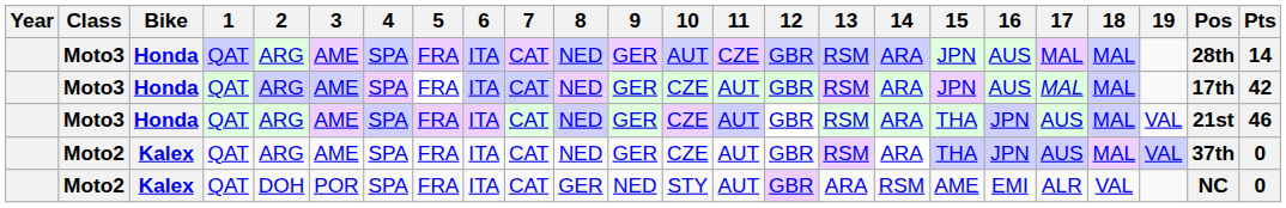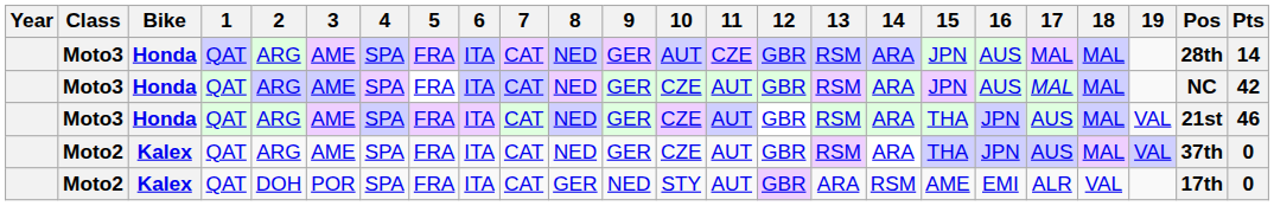 <table class="wikitable" style="text-align:center">
 <tr>
 <th>Year</th>
 <th>Class</th>
 <th>Bike</th>
 <th>1</th>
 <th>2</th>
 <th>3</th>
 <th>4</th>
 <th>5</th>
 <th>6</th>
 <th>7</th>
 <th>8</th>
 <th>9</th>
 <th>10</th>
 <th>11</th>
 <th>12</th>
 <th>13</th>
 <th>14</th>
 <th>15</th>
 <th>16</th>
 <th>17</th>
 <th>18</th>
 <th>19</th>
 <th>Pos</th>
 <th>Pts</th>
 </tr>
 <tr>
 <th></th>
 <th>Moto3</th>
 <th><a href='#'>Honda</a></th>
 <td style="background:#CFCFFF;"><a href='#'>QAT</a><br></td>
 <td style="background:#dfffdf;"><a href='#'>ARG</a><br></td>
 <td style="background:#efcfff;"><a href='#'>AME</a><br></td>
 <td style="background:#CFCFFF;"><a href='#'>SPA</a><br></td>
 <td style="background:#efcfff;"><a href='#'>FRA</a><br></td>
 <td style="background:#CFCFFF;"><a href='#'>ITA</a><br></td>
 <td style="background:#efcfff;"><a href='#'>CAT</a><br></td>
 <td style="background:#CFCFFF;"><a href='#'>NED</a><br></td>
 <td style="background:#EFCFFF;"><a href='#'>GER</a><br></td>
 <td style="background:#CFCFFF;"><a href='#'>AUT</a><br></td>
 <td style="background:#EFCFFF;"><a href='#'>CZE</a><br></td>
 <td style="background:#CFCFFF;"><a href='#'>GBR</a><br></td>
 <td style="background:#CFCFFF;"><a href='#'>RSM</a><br></td>
 <td style="background:#cfcfff;"><a href='#'>ARA</a><br></td>
 <td style="background:#dfffdf;"><a href='#'>JPN</a><br></td>
 <td style="background:#dfffdf;'"><a href='#'>AUS</a><br></td>
 <td style="background:#efcfff;"><a href='#'>MAL</a><br></td>
 <td style="background:#cfcfff;"><a href='#'>MAL</a><br></td>
 <td></td>
 <th>28th</th>
 <th>14</th>
 </tr>
 <tr>
 <th></th>
 <th>Moto3</th>
 <th><a href='#'>Honda</a></th>
 <td style="background:#dfffdf;"><a href='#'>QAT</a><br></td>
 <td style="background:#cfcfff;"><a href='#'>ARG</a><br></td>
 <td style="background:#cfcfff;"><a href='#'>AME</a><br></td>
 <td style="background:#efcfff;"><a href='#'>SPA</a><br></td>
 <td style="background:#ffffff;"><a href='#'>FRA</a><br></td>
 <td style="background:#cfcfff;"><a href='#'>ITA</a><br></td>
 <td style="background:#cfcfff;"><a href='#'>CAT</a><br></td>
 <td style="background:#efcfff;"><a href='#'>NED</a><br></td>
 <td style="background:#dfffdf;"><a href='#'>GER</a><br></td>
 <td style="background:#dfffdf;"><a href='#'>CZE</a><br></td>
 <td style="background:#dfffdf;"><a href='#'>AUT</a><br></td>
 <td style="background:#dfffdf;"><a href='#'>GBR</a><br></td>
 <td style="background:#efcfff;"><a href='#'>RSM</a><br></td>
 <td style="background:#dfffdf;"><a href='#'>ARA</a><br></td>
 <td style="background:#efcfff;"><a href='#'>JPN</a><br></td>
 <td style="background:#dfffdf;"><a href='#'>AUS</a><br></td>
 <td style="background:#dfffdf;"><em><a href='#'>MAL</a></em><br></td>
 <td style="background:#cfcfff;"><a href='#'>MAL</a><br></td>
 <td></td>
-<th>17th</th>
+<th>NC</th>
 <th>42</th>
 </tr>
 <tr>
 <th></th>
 <th>Moto3</th>
 <th><a href='#'>Honda</a></th>
 <td style="background:#dfffdf;"><a href='#'>QAT</a><br></td>
 <td style="background:#dfffdf;"><a href='#'>ARG</a><br></td>
 <td style="background:#efcfff;"><a href='#'>AME</a><br></td>
 <td style="background:#cfcfff;"><a href='#'>SPA</a><br></td>
 <td style="background:#efcfff;"><a href='#'>FRA</a><br></td>
 <td style="background:#efcfff;"><a href='#'>ITA</a><br></td>
 <td style="background:#dfffdf;"><a href='#'>CAT</a><br></td>
 <td style="background:#cfcfff;"><a href='#'>NED</a><br></td>
 <td style="background:#dfffdf;"><a href='#'>GER</a><br></td>
 <td style="background:#efcfff;"><a href='#'>CZE</a><br></td>
 <td style="background:#cfcfff;"><a href='#'>AUT</a><br></td>
 <td style="background:#ffffff;"><a href='#'>GBR</a><br></td>
 <td style="background:#dfffdf;"><a href='#'>RSM</a><br></td>
 <td style="background:#dfffdf;"><a href='#'>ARA</a><br></td>
 <td style="background:#dfffdf;"><a href='#'>THA</a><br></td>
 <td style="background:#cfcfff;"><a href='#'>JPN</a><br></td>
 <td style="background:#dfffdf;"><a href='#'>AUS</a><br></td>
 <td style="background:#cfcfff;"><a href='#'>MAL</a><br></td>
 <td><a href='#'>VAL</a></td>
 <th>21st</th>
 <th>46</th>
 </tr>
 <tr>
 <th></th>
 <th>Moto2</th>
 <th><a href='#'>Kalex</a></th>
 <td><a href='#'>QAT</a></td>
 <td><a href='#'>ARG</a></td>
 <td><a href='#'>AME</a></td>
 <td><a href='#'>SPA</a></td>
 <td><a href='#'>FRA</a></td>
 <td><a href='#'>ITA</a></td>
 <td><a href='#'>CAT</a></td>
 <td><a href='#'>NED</a></td>
 <td><a href='#'>GER</a></td>
 <td><a href='#'>CZE</a></td>
 <td><a href='#'>AUT</a></td>
 <td><a href='#'>GBR</a></td>
 <td style="background:#efcfff;"><a href='#'>RSM</a><br></td>
 <td style="background:#ffffff;"><a href='#'>ARA</a><br></td>
 <td style="background:#cfcfff;"><a href='#'>THA</a><br></td>
 <td style="background:#cfcfff;"><a href='#'>JPN</a><br></td>
 <td style="background:#cfcfff;"><a href='#'>AUS</a><br></td>
 <td style="background:#efcfff;"><a href='#'>MAL</a><br></td>
 <td style="background:#cfcfff;"><a href='#'>VAL</a><br></td>
 <th>37th</th>
 <th>0</th>
 </tr>
 <tr>
 <th></th>
 <th>Moto2</th>
 <th><a href='#'>Kalex</a></th>
 <td><a href='#'>QAT</a></td>
 <td><a href='#'>DOH</a></td>
 <td><a href='#'>POR</a></td>
 <td><a href='#'>SPA</a></td>
 <td><a href='#'>FRA</a></td>
 <td><a href='#'>ITA</a></td>
 <td><a href='#'>CAT</a></td>
 <td><a href='#'>GER</a></td>
 <td><a href='#'>NED</a></td>
 <td><a href='#'>STY</a></td>
 <td><a href='#'>AUT</a></td>
 <td style="background:#efcfff;"><a href='#'>GBR</a><br></td>
 <td><a href='#'>ARA</a></td>
 <td><a href='#'>RSM</a></td>
 <td><a href='#'>AME</a></td>
 <td><a href='#'>EMI</a></td>
 <td><a href='#'>ALR</a></td>
 <td><a href='#'>VAL</a></td>
 <td></td>
-<th>NC</th>
+<th>17th</th>
 <th>0</th>
 </tr>
 </table>
